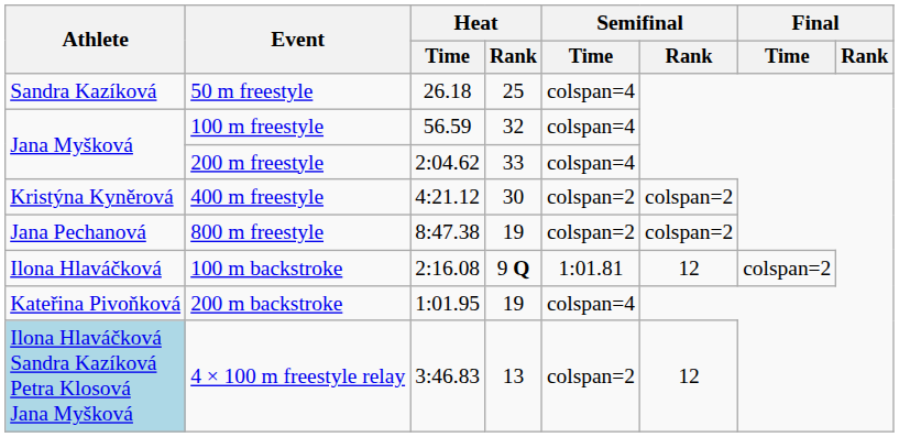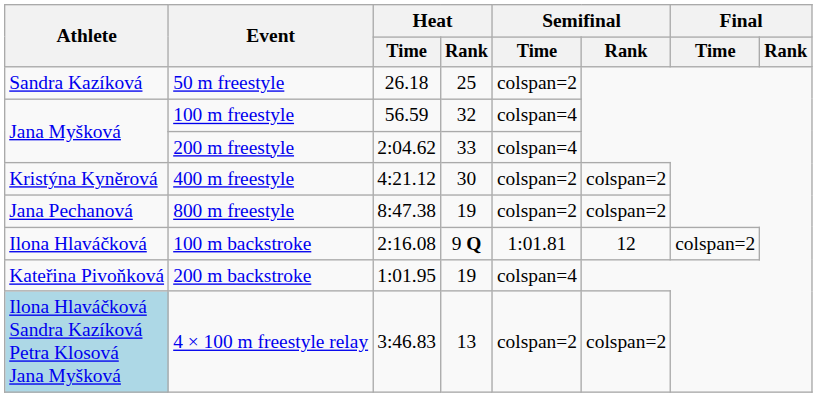 <table class=wikitable style="font-size:90%">
 <tr>
 <th rowspan="2">Athlete</th>
 <th rowspan="2">Event</th>
 <th colspan="2">Heat</th>
 <th colspan="2">Semifinal</th>
 <th colspan="2">Final</th>
 </tr>
 <tr style="font-size:95%">
 <th>Time</th>
 <th>Rank</th>
 <th>Time</th>
 <th>Rank</th>
 <th>Time</th>
 <th>Rank</th>
 </tr>
 <tr align=center>
 <td align=left><a href='#'>Sandra Kazíková</a></td>
 <td align=left><a href='#'>50 m freestyle</a></td>
 <td>26.18</td>
 <td>25</td>
-<td>colspan=4 </td>
+<td>colspan=2 </td>
 </tr>
 <tr align=center>
 <td align=left rowspan=2><a href='#'>Jana Myšková</a></td>
 <td align=left><a href='#'>100 m freestyle</a></td>
 <td>56.59</td>
 <td>32</td>
 <td>colspan=4 </td>
 </tr>
 <tr align=center>
 <td align=left><a href='#'>200 m freestyle</a></td>
 <td>2:04.62</td>
 <td>33</td>
 <td>colspan=4 </td>
 </tr>
 <tr align=center>
 <td align=left><a href='#'>Kristýna Kyněrová</a></td>
 <td align=left><a href='#'>400 m freestyle</a></td>
 <td>4:21.12</td>
 <td>30</td>
 <td>colspan=2 </td>
 <td>colspan=2 </td>
 </tr>
 <tr align=center>
 <td align=left><a href='#'>Jana Pechanová</a></td>
 <td align=left><a href='#'>800 m freestyle</a></td>
 <td>8:47.38</td>
 <td>19</td>
 <td>colspan=2 </td>
 <td>colspan=2 </td>
 </tr>
 <tr align=center>
 <td align=left><a href='#'>Ilona Hlaváčková</a></td>
 <td align=left><a href='#'>100 m backstroke</a></td>
 <td>2:16.08</td>
 <td>9 <strong>Q</strong></td>
 <td>1:01.81</td>
 <td>12</td>
 <td>colspan=2 </td>
 </tr>
 <tr align=center>
 <td align=left><a href='#'>Kateřina Pivoňková</a></td>
 <td align=left><a href='#'>200 m backstroke</a></td>
 <td>1:01.95</td>
 <td>19</td>
 <td>colspan=4 </td>
 </tr>
 <tr align=center>
 <td align=left style="background: lightblue;"><a href='#'>Ilona Hlaváčková</a><br><a href='#'>Sandra Kazíková</a><br><a href='#'>Petra Klosová</a><br><a href='#'>Jana Myšková</a></td>
 <td align=left><a href='#'>4 × 100 m freestyle relay</a></td>
 <td>3:46.83</td>
 <td>13</td>
 <td>colspan=2 </td>
-<td>12</td>
+<td>colspan=2 </td>
 </tr>
 </table>
